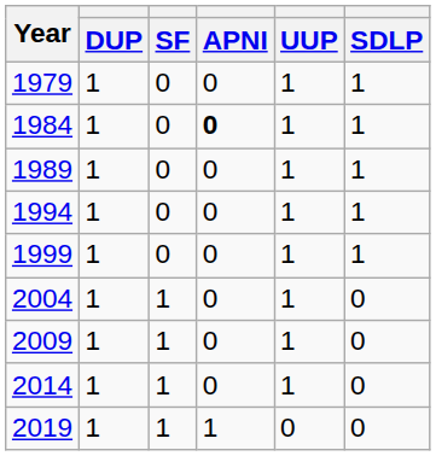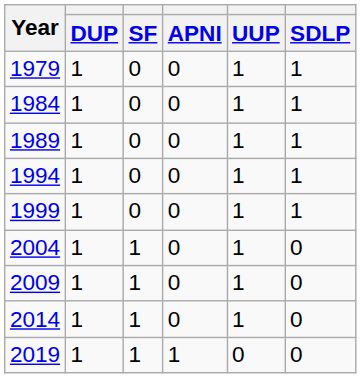 <table class="wikitable">
 <tr>
 <th rowspan=2>Year</th>
 <th style="background-color: "></th>
 <th style="background-color: "></th>
 <th style="background-color: "></th>
 <th style="background-color: "></th>
 <th style="background-color: "></th>
 </tr>
 <tr>
 <th><a href='#'>DUP</a></th>
 <th><a href='#'>SF</a></th>
 <th><a href='#'>APNI</a></th>
 <th><a href='#'>UUP</a></th>
 <th><a href='#'>SDLP</a></th>
 </tr>
 <tr>
 <td><a href='#'>1979</a></td>
 <td>1</td>
 <td>0</td>
 <td>0</td>
 <td>1</td>
 <td>1</td>
 </tr>
 <tr>
 <td><a href='#'>1984</a></td>
 <td>1</td>
 <td>0</td>
-<td><strong>0</strong></td>
+<td>0</td>
 <td>1</td>
 <td>1</td>
 </tr>
 <tr>
 <td><a href='#'>1989</a></td>
 <td>1</td>
 <td>0</td>
 <td>0</td>
 <td>1</td>
 <td>1</td>
 </tr>
 <tr>
 <td><a href='#'>1994</a></td>
 <td>1</td>
 <td>0</td>
 <td>0</td>
 <td>1</td>
 <td>1</td>
 </tr>
 <tr>
 <td><a href='#'>1999</a></td>
 <td>1</td>
 <td>0</td>
 <td>0</td>
 <td>1</td>
 <td>1</td>
 </tr>
 <tr>
 <td><a href='#'>2004</a></td>
 <td>1</td>
 <td>1</td>
 <td>0</td>
 <td>1</td>
 <td>0</td>
 </tr>
 <tr>
 <td><a href='#'>2009</a></td>
 <td>1</td>
 <td>1</td>
 <td>0</td>
 <td>1</td>
 <td>0</td>
 </tr>
 <tr>
 <td><a href='#'>2014</a></td>
 <td>1</td>
 <td>1</td>
 <td>0</td>
 <td>1</td>
 <td>0</td>
 </tr>
 <tr>
 <td><a href='#'>2019</a></td>
 <td>1</td>
 <td>1</td>
 <td>1</td>
 <td>0</td>
 <td>0</td>
 </tr>
 </table>
